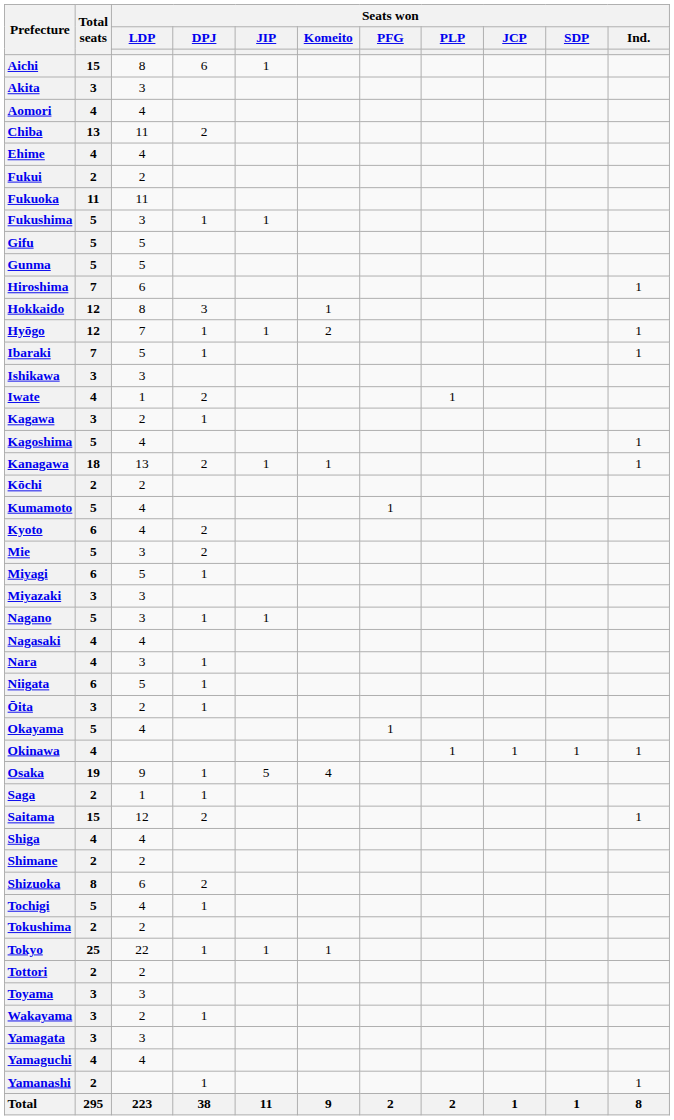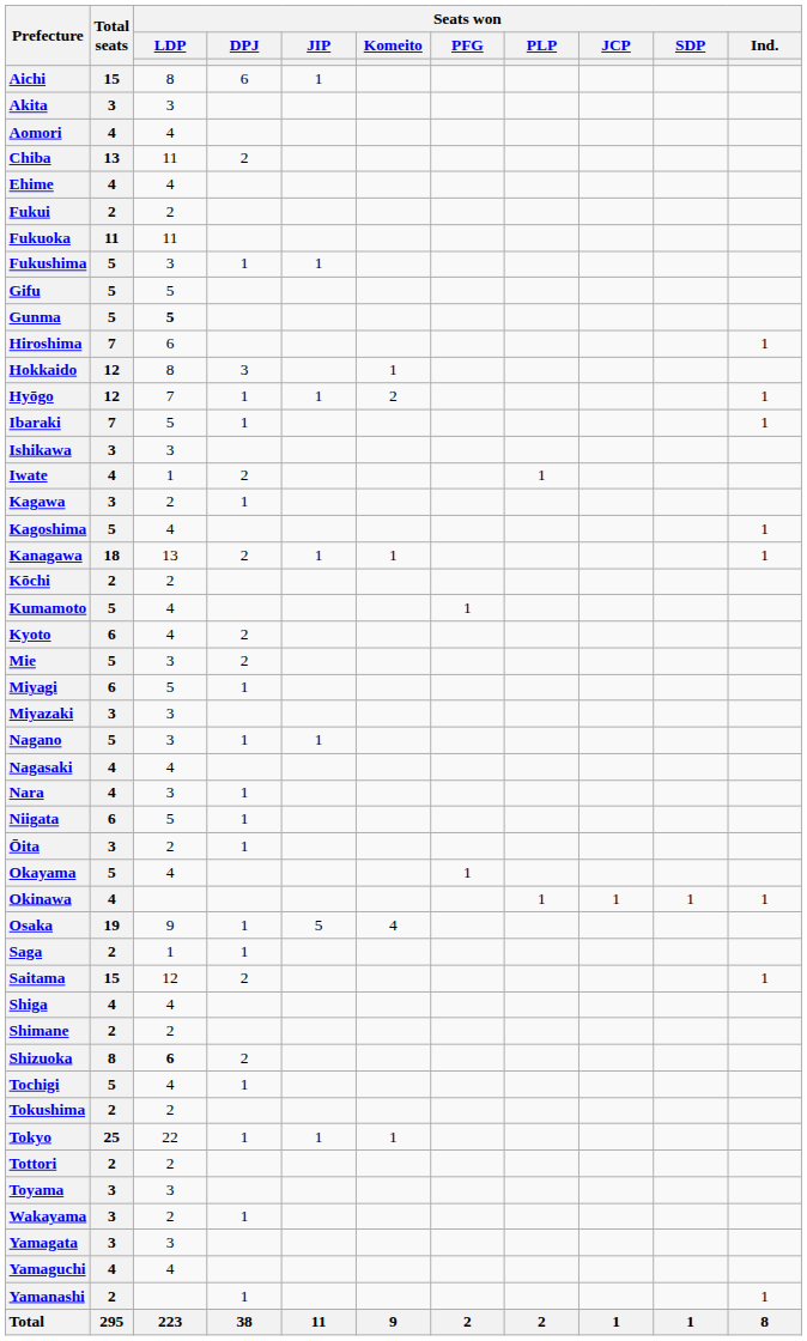 <table class="wikitable" style="text-align:center; font-size: 0.9em;">
 <tr>
 <th rowspan="3">Prefecture</th>
 <th rowspan="3">Total<br>seats</th>
 <th colspan="9">Seats won</th>
 </tr>
 <tr>
 <th class="unsortable" style="width:60px;"><a href='#'>LDP</a></th>
 <th class="unsortable" style="width:60px;"><a href='#'>DPJ</a></th>
 <th class="unsortable" style="width:60px;"><a href='#'>JIP</a></th>
 <th class="unsortable" style="width:60px;"><a href='#'>Komeito</a></th>
 <th class="unsortable" style="width:60px;"><a href='#'>PFG</a></th>
 <th class="unsortable" style="width:60px;"><a href='#'>PLP</a></th>
 <th class="unsortable" style="width:60px;"><a href='#'>JCP</a></th>
 <th class="unsortable" style="width:60px;"><a href='#'>SDP</a></th>
 <th class="unsortable" style="width:60px;">Ind.</th>
 </tr>
 <tr>
 <th style="background:"></th>
 <th style="background:"></th>
 <th style="background:"></th>
 <th style="background:"></th>
 <th style="background:"></th>
 <th style="background:"></th>
 <th style="background:"></th>
 <th style="background:"></th>
 <th style="background:"></th>
 </tr>
 <tr>
 <th style="text-align: left;"><a href='#'>Aichi</a></th>
 <th>15</th>
 <td>8</td>
 <td>6</td>
 <td>1</td>
 <td></td>
 <td></td>
 <td></td>
 <td></td>
 <td></td>
 <td></td>
 </tr>
 <tr>
 <th style="text-align: left;"><a href='#'>Akita</a></th>
 <th>3</th>
 <td>3</td>
 <td></td>
 <td></td>
 <td></td>
 <td></td>
 <td></td>
 <td></td>
 <td></td>
 <td></td>
 </tr>
 <tr>
 <th style="text-align: left;"><a href='#'>Aomori</a></th>
 <th>4</th>
 <td>4</td>
 <td></td>
 <td></td>
 <td></td>
 <td></td>
 <td></td>
 <td></td>
 <td></td>
 <td></td>
 </tr>
 <tr>
 <th style="text-align: left;"><a href='#'>Chiba</a></th>
 <th>13</th>
 <td>11</td>
 <td>2</td>
 <td></td>
 <td></td>
 <td></td>
 <td></td>
 <td></td>
 <td></td>
 <td></td>
 </tr>
 <tr>
 <th style="text-align: left;"><a href='#'>Ehime</a></th>
 <th>4</th>
 <td>4</td>
 <td></td>
 <td></td>
 <td></td>
 <td></td>
 <td></td>
 <td></td>
 <td></td>
 <td></td>
 </tr>
 <tr>
 <th style="text-align: left;"><a href='#'>Fukui</a></th>
 <th>2</th>
 <td>2</td>
 <td></td>
 <td></td>
 <td></td>
 <td></td>
 <td></td>
 <td></td>
 <td></td>
 <td></td>
 </tr>
 <tr>
 <th style="text-align: left;"><a href='#'>Fukuoka</a></th>
 <th>11</th>
 <td>11</td>
 <td></td>
 <td></td>
 <td></td>
 <td></td>
 <td></td>
 <td></td>
 <td></td>
 <td></td>
 </tr>
 <tr>
 <th style="text-align: left;"><a href='#'>Fukushima</a></th>
 <th>5</th>
 <td>3</td>
 <td>1</td>
 <td>1</td>
 <td></td>
 <td></td>
 <td></td>
 <td></td>
 <td></td>
 <td></td>
 </tr>
 <tr>
 <th style="text-align: left;"><a href='#'>Gifu</a></th>
 <th>5</th>
 <td>5</td>
 <td></td>
 <td></td>
 <td></td>
 <td></td>
 <td></td>
 <td></td>
 <td></td>
 <td></td>
 </tr>
 <tr>
 <th style="text-align: left;"><a href='#'>Gunma</a></th>
 <th>5</th>
-<td>5</td>
+<td><strong>5</strong></td>
 <td></td>
 <td></td>
 <td></td>
 <td></td>
 <td></td>
 <td></td>
 <td></td>
 <td></td>
 </tr>
 <tr>
 <th style="text-align: left;"><a href='#'>Hiroshima</a></th>
 <th>7</th>
 <td>6</td>
 <td></td>
 <td></td>
 <td></td>
 <td></td>
 <td></td>
 <td></td>
 <td></td>
 <td>1</td>
 </tr>
 <tr>
 <th style="text-align: left;"><a href='#'>Hokkaido</a></th>
 <th>12</th>
 <td>8</td>
 <td>3</td>
 <td></td>
 <td>1</td>
 <td></td>
 <td></td>
 <td></td>
 <td></td>
 <td></td>
 </tr>
 <tr>
 <th style="text-align: left;"><a href='#'>Hyōgo</a></th>
 <th>12</th>
 <td>7</td>
 <td>1</td>
 <td>1</td>
 <td>2</td>
 <td></td>
 <td></td>
 <td></td>
 <td></td>
 <td>1</td>
 </tr>
 <tr>
 <th style="text-align: left;"><a href='#'>Ibaraki</a></th>
 <th>7</th>
 <td>5</td>
 <td>1</td>
 <td></td>
 <td></td>
 <td></td>
 <td></td>
 <td></td>
 <td></td>
 <td>1</td>
 </tr>
 <tr>
 <th style="text-align: left;"><a href='#'>Ishikawa</a></th>
 <th>3</th>
 <td>3</td>
 <td></td>
 <td></td>
 <td></td>
 <td></td>
 <td></td>
 <td></td>
 <td></td>
 <td></td>
 </tr>
 <tr>
 <th style="text-align: left;"><a href='#'>Iwate</a></th>
 <th>4</th>
 <td>1</td>
 <td>2</td>
 <td></td>
 <td></td>
 <td></td>
 <td>1</td>
 <td></td>
 <td></td>
 <td></td>
 </tr>
 <tr>
 <th style="text-align: left;"><a href='#'>Kagawa</a></th>
 <th>3</th>
 <td>2</td>
 <td>1</td>
 <td></td>
 <td></td>
 <td></td>
 <td></td>
 <td></td>
 <td></td>
 <td></td>
 </tr>
 <tr>
 <th style="text-align: left;"><a href='#'>Kagoshima</a></th>
 <th>5</th>
 <td>4</td>
 <td></td>
 <td></td>
 <td></td>
 <td></td>
 <td></td>
 <td></td>
 <td></td>
 <td>1</td>
 </tr>
 <tr>
 <th style="text-align: left;"><a href='#'>Kanagawa</a></th>
 <th>18</th>
 <td>13</td>
 <td>2</td>
 <td>1</td>
 <td>1</td>
 <td></td>
 <td></td>
 <td></td>
 <td></td>
 <td>1</td>
 </tr>
 <tr>
 <th style="text-align: left;"><a href='#'>Kōchi</a></th>
 <th>2</th>
 <td>2</td>
 <td></td>
 <td></td>
 <td></td>
 <td></td>
 <td></td>
 <td></td>
 <td></td>
 <td></td>
 </tr>
 <tr>
 <th style="text-align: left;"><a href='#'>Kumamoto</a></th>
 <th>5</th>
 <td>4</td>
 <td></td>
 <td></td>
 <td></td>
 <td>1</td>
 <td></td>
 <td></td>
 <td></td>
 <td></td>
 </tr>
 <tr>
 <th style="text-align: left;"><a href='#'>Kyoto</a></th>
 <th>6</th>
 <td>4</td>
 <td>2</td>
 <td></td>
 <td></td>
 <td></td>
 <td></td>
 <td></td>
 <td></td>
 <td></td>
 </tr>
 <tr>
 <th style="text-align: left;"><a href='#'>Mie</a></th>
 <th>5</th>
 <td>3</td>
 <td>2</td>
 <td></td>
 <td></td>
 <td></td>
 <td></td>
 <td></td>
 <td></td>
 <td></td>
 </tr>
 <tr>
 <th style="text-align: left;"><a href='#'>Miyagi</a></th>
 <th>6</th>
 <td>5</td>
 <td>1</td>
 <td></td>
 <td></td>
 <td></td>
 <td></td>
 <td></td>
 <td></td>
 <td></td>
 </tr>
 <tr>
 <th style="text-align: left;"><a href='#'>Miyazaki</a></th>
 <th>3</th>
 <td>3</td>
 <td></td>
 <td></td>
 <td></td>
 <td></td>
 <td></td>
 <td></td>
 <td></td>
 <td></td>
 </tr>
 <tr>
 <th style="text-align: left;"><a href='#'>Nagano</a></th>
 <th>5</th>
 <td>3</td>
 <td>1</td>
 <td>1</td>
 <td></td>
 <td></td>
 <td></td>
 <td></td>
 <td></td>
 <td></td>
 </tr>
 <tr>
 <th style="text-align: left;"><a href='#'>Nagasaki</a></th>
 <th>4</th>
 <td>4</td>
 <td></td>
 <td></td>
 <td></td>
 <td></td>
 <td></td>
 <td></td>
 <td></td>
 <td></td>
 </tr>
 <tr>
 <th style="text-align: left;"><a href='#'>Nara</a></th>
 <th>4</th>
 <td>3</td>
 <td>1</td>
 <td></td>
 <td></td>
 <td></td>
 <td></td>
 <td></td>
 <td></td>
 <td></td>
 </tr>
 <tr>
 <th style="text-align: left;"><a href='#'>Niigata</a></th>
 <th>6</th>
 <td>5</td>
 <td>1</td>
 <td></td>
 <td></td>
 <td></td>
 <td></td>
 <td></td>
 <td></td>
 <td></td>
 </tr>
 <tr>
 <th style="text-align: left;"><a href='#'>Ōita</a></th>
 <th>3</th>
 <td>2</td>
 <td>1</td>
 <td></td>
 <td></td>
 <td></td>
 <td></td>
 <td></td>
 <td></td>
 <td></td>
 </tr>
 <tr>
 <th style="text-align: left;"><a href='#'>Okayama</a></th>
 <th>5</th>
 <td>4</td>
 <td></td>
 <td></td>
 <td></td>
 <td>1</td>
 <td></td>
 <td></td>
 <td></td>
 <td></td>
 </tr>
 <tr>
 <th style="text-align: left;"><a href='#'>Okinawa</a></th>
 <th>4</th>
 <td></td>
 <td></td>
 <td></td>
 <td></td>
 <td></td>
 <td>1</td>
 <td>1</td>
 <td>1</td>
 <td>1</td>
 </tr>
 <tr>
 <th style="text-align: left;"><a href='#'>Osaka</a></th>
 <th>19</th>
 <td>9</td>
 <td>1</td>
 <td>5</td>
 <td>4</td>
 <td></td>
 <td></td>
 <td></td>
 <td></td>
 <td></td>
 </tr>
 <tr>
 <th style="text-align: left;"><a href='#'>Saga</a></th>
 <th>2</th>
 <td>1</td>
 <td>1</td>
 <td></td>
 <td></td>
 <td></td>
 <td></td>
 <td></td>
 <td></td>
 <td></td>
 </tr>
 <tr>
 <th style="text-align: left;"><a href='#'>Saitama</a></th>
 <th>15</th>
 <td>12</td>
 <td>2</td>
 <td></td>
 <td></td>
 <td></td>
 <td></td>
 <td></td>
 <td></td>
 <td>1</td>
 </tr>
 <tr>
 <th style="text-align: left;"><a href='#'>Shiga</a></th>
 <th>4</th>
 <td>4</td>
 <td></td>
 <td></td>
 <td></td>
 <td></td>
 <td></td>
 <td></td>
 <td></td>
 <td></td>
 </tr>
 <tr>
 <th style="text-align: left;"><a href='#'>Shimane</a></th>
 <th>2</th>
 <td>2</td>
 <td></td>
 <td></td>
 <td></td>
 <td></td>
 <td></td>
 <td></td>
 <td></td>
 <td></td>
 </tr>
 <tr>
 <th style="text-align: left;"><a href='#'>Shizuoka</a></th>
 <th>8</th>
-<td>6</td>
+<td><strong>6</strong></td>
 <td>2</td>
 <td></td>
 <td></td>
 <td></td>
 <td></td>
 <td></td>
 <td></td>
 <td></td>
 </tr>
 <tr>
 <th style="text-align: left;"><a href='#'>Tochigi</a></th>
 <th>5</th>
 <td>4</td>
 <td>1</td>
 <td></td>
 <td></td>
 <td></td>
 <td></td>
 <td></td>
 <td></td>
 <td></td>
 </tr>
 <tr>
 <th style="text-align: left;"><a href='#'>Tokushima</a></th>
 <th>2</th>
 <td>2</td>
 <td></td>
 <td></td>
 <td></td>
 <td></td>
 <td></td>
 <td></td>
 <td></td>
 <td></td>
 </tr>
 <tr>
 <th style="text-align: left;"><a href='#'>Tokyo</a></th>
 <th>25</th>
 <td>22</td>
 <td>1</td>
 <td>1</td>
 <td>1</td>
 <td></td>
 <td></td>
 <td></td>
 <td></td>
 <td></td>
 </tr>
 <tr>
 <th style="text-align: left;"><a href='#'>Tottori</a></th>
 <th>2</th>
 <td>2</td>
 <td></td>
 <td></td>
 <td></td>
 <td></td>
 <td></td>
 <td></td>
 <td></td>
 <td></td>
 </tr>
 <tr>
 <th style="text-align: left;"><a href='#'>Toyama</a></th>
 <th>3</th>
 <td>3</td>
 <td></td>
 <td></td>
 <td></td>
 <td></td>
 <td></td>
 <td></td>
 <td></td>
 <td></td>
 </tr>
 <tr>
 <th style="text-align: left;"><a href='#'>Wakayama</a></th>
 <th>3</th>
 <td>2</td>
 <td>1</td>
 <td></td>
 <td></td>
 <td></td>
 <td></td>
 <td></td>
 <td></td>
 <td></td>
 </tr>
 <tr>
 <th style="text-align: left;"><a href='#'>Yamagata</a></th>
 <th>3</th>
 <td>3</td>
 <td></td>
 <td></td>
 <td></td>
 <td></td>
 <td></td>
 <td></td>
 <td></td>
 <td></td>
 </tr>
 <tr>
 <th style="text-align: left;"><a href='#'>Yamaguchi</a></th>
 <th>4</th>
 <td>4</td>
 <td></td>
 <td></td>
 <td></td>
 <td></td>
 <td></td>
 <td></td>
 <td></td>
 <td></td>
 </tr>
 <tr>
 <th style="text-align: left;"><a href='#'>Yamanashi</a></th>
 <th>2</th>
 <td></td>
 <td>1</td>
 <td></td>
 <td></td>
 <td></td>
 <td></td>
 <td></td>
 <td></td>
 <td>1</td>
 </tr>
 <tr class="sortbottom">
 <th style="text-align: left;">Total</th>
 <th>295</th>
 <th>223</th>
 <th>38</th>
 <th>11</th>
 <th>9</th>
 <th>2</th>
 <th>2</th>
 <th>1</th>
 <th>1</th>
 <th>8</th>
 </tr>
 </table>
